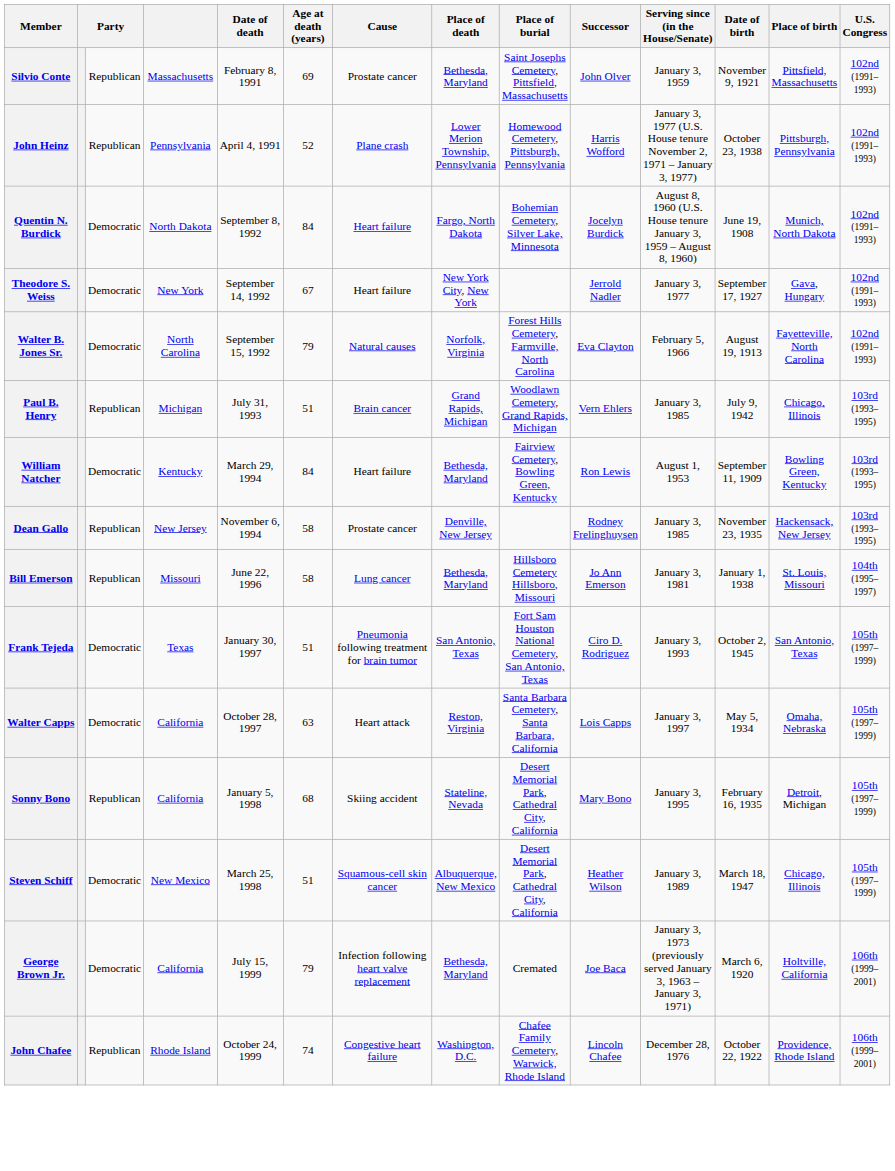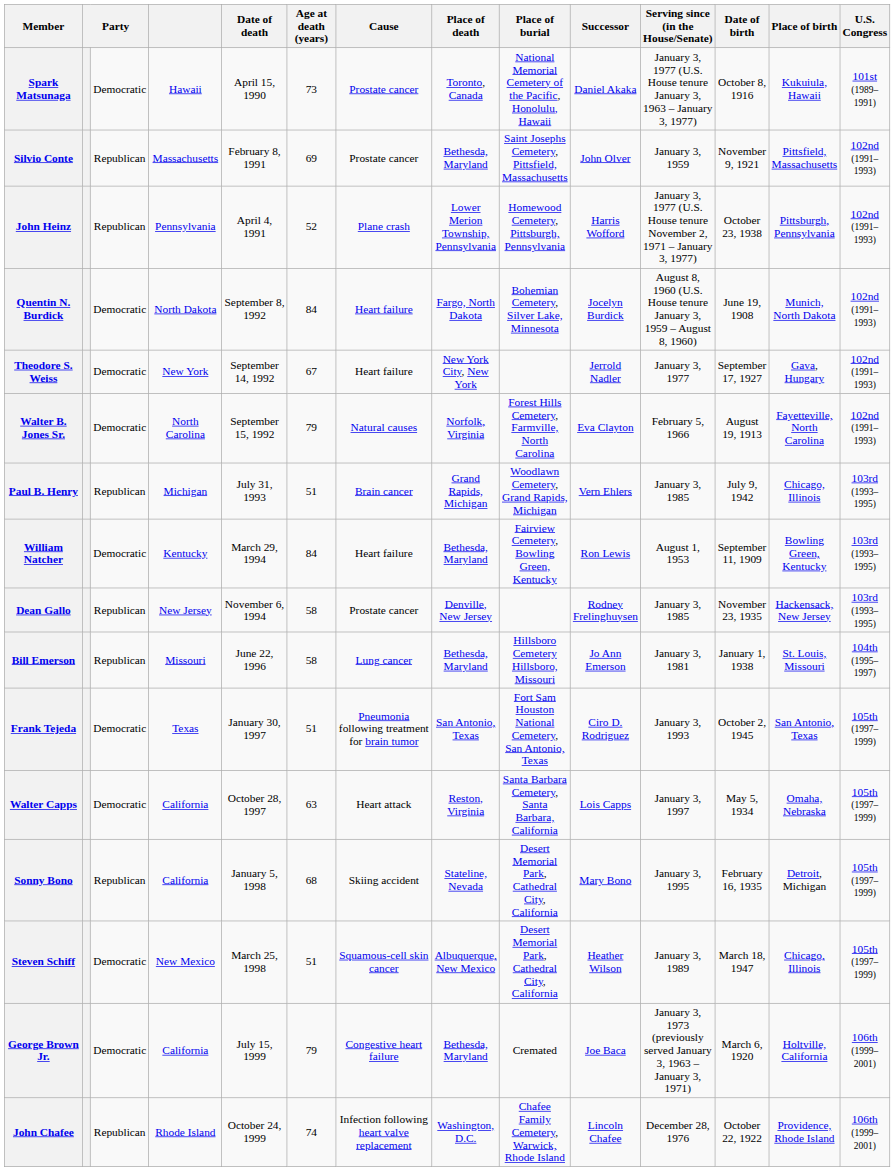 <table class="wikitable sortable" style="text-align:center">
 <tr>
 <th style="width:23%">Member</th>
 <th colspan=2>Party</th>
 <th style="width:10%"></th>
 <th style="width:16%">Date of death</th>
 <th style="width:13%">Age at death (years)</th>
 <th style="width:38%">Cause</th>
 <th style="width:38%">Place of death</th>
 <th style="width:38%">Place of burial</th>
 <th style="width:38%">Successor</th>
 <th style="width:38%">Serving since (in the House/Senate)</th>
 <th style="width:38%">Date of birth</th>
 <th style="width:38%">Place of birth</th>
 <th style="width:38%">U.S. Congress</th>
+</tr>
+<tr>
+<th><a href='#'>Spark Matsunaga</a></th>
+<th style="background:"> </th>
+<td>Democratic</td>
+<td><a href='#'>Hawaii</a><br></td>
+<td>April 15, 1990</td>
+<td>73</td>
+<td><a href='#'>Prostate cancer</a></td>
+<td><a href='#'>Toronto</a>, <a href='#'>Canada</a></td>
+<td><a href='#'>National Memorial Cemetery of the Pacific</a>, <a href='#'>Honolulu, Hawaii</a></td>
+<td><a href='#'>Daniel Akaka</a></td>
+<td>January 3, 1977 (U.S. House tenure January 3, 1963 – January 3, 1977)</td>
+<td>October 8, 1916</td>
+<td><a href='#'>Kukuiula, Hawaii</a></td>
+<td><a href='#'>101st</a><br><small>(1989–1991)</small></td>
 </tr>
 <tr>
 <th><a href='#'>Silvio Conte</a></th>
 <th style="background:"> </th>
 <td>Republican</td>
 <td><a href='#'>Massachusetts</a><br></td>
 <td>February 8, 1991</td>
 <td>69</td>
 <td>Prostate cancer</td>
 <td><a href='#'>Bethesda, Maryland</a></td>
 <td><a href='#'>Saint Josephs Cemetery</a>, <a href='#'>Pittsfield, Massachusetts</a></td>
 <td><a href='#'>John Olver</a></td>
 <td>January 3, 1959</td>
 <td>November 9, 1921</td>
 <td><a href='#'>Pittsfield, Massachusetts</a></td>
 <td><a href='#'>102nd</a><br><small>(1991–1993)</small></td>
 </tr>
 <tr>
 <th><a href='#'>John Heinz</a></th>
 <th style="background:"> </th>
 <td>Republican</td>
 <td><a href='#'>Pennsylvania</a><br></td>
 <td>April 4, 1991</td>
 <td>52</td>
 <td><a href='#'>Plane crash</a></td>
 <td><a href='#'>Lower Merion Township, Pennsylvania</a></td>
 <td><a href='#'>Homewood Cemetery</a>, <a href='#'>Pittsburgh, Pennsylvania</a></td>
 <td><a href='#'>Harris Wofford</a></td>
 <td>January 3, 1977 (U.S. House tenure November 2, 1971 – January 3, 1977)</td>
 <td>October 23, 1938</td>
 <td><a href='#'>Pittsburgh, Pennsylvania</a></td>
 <td><a href='#'>102nd</a><br><small>(1991–1993)</small></td>
 </tr>
 <tr>
 <th><a href='#'>Quentin N. Burdick</a></th>
 <th style="background:"> </th>
 <td>Democratic</td>
 <td><a href='#'>North Dakota</a><br></td>
 <td>September 8, 1992</td>
 <td>84</td>
 <td><a href='#'>Heart failure</a></td>
 <td><a href='#'>Fargo, North Dakota</a></td>
 <td><a href='#'>Bohemian Cemetery</a>, <a href='#'>Silver Lake, Minnesota</a></td>
 <td><a href='#'>Jocelyn Burdick</a></td>
 <td>August 8, 1960 (U.S. House tenure January 3, 1959 – August 8, 1960)</td>
 <td>June 19, 1908</td>
 <td><a href='#'>Munich, North Dakota</a></td>
 <td><a href='#'>102nd</a><br><small>(1991–1993)</small></td>
 </tr>
 <tr>
 <th><a href='#'>Theodore S. Weiss</a></th>
 <th style="background:"> </th>
 <td>Democratic</td>
 <td><a href='#'>New York</a><br></td>
 <td>September 14, 1992</td>
 <td>67</td>
 <td>Heart failure</td>
 <td><a href='#'>New York City</a>, <a href='#'>New York</a></td>
 <td></td>
 <td><a href='#'>Jerrold Nadler</a></td>
 <td>January 3, 1977</td>
 <td>September 17, 1927</td>
 <td><a href='#'>Gava</a>, <a href='#'>Hungary</a></td>
 <td><a href='#'>102nd</a><br><small>(1991–1993)</small></td>
 </tr>
 <tr>
 <th><a href='#'>Walter B. Jones Sr.</a></th>
 <th style="background:"> </th>
 <td>Democratic</td>
 <td><a href='#'>North Carolina</a><br></td>
 <td>September 15, 1992</td>
 <td>79</td>
 <td><a href='#'>Natural causes</a></td>
 <td><a href='#'>Norfolk, Virginia</a></td>
 <td><a href='#'>Forest Hills Cemetery</a>, <a href='#'>Farmville, North Carolina</a></td>
 <td><a href='#'>Eva Clayton</a></td>
 <td>February 5, 1966</td>
 <td>August 19, 1913</td>
 <td><a href='#'>Fayetteville, North Carolina</a></td>
 <td><a href='#'>102nd</a><br><small>(1991–1993)</small></td>
 </tr>
 <tr>
 <th><a href='#'>Paul B. Henry</a></th>
 <th style="background:"> </th>
 <td>Republican</td>
 <td><a href='#'>Michigan</a><br></td>
 <td>July 31, 1993</td>
 <td>51</td>
 <td><a href='#'>Brain cancer</a></td>
 <td><a href='#'>Grand Rapids, Michigan</a></td>
 <td><a href='#'>Woodlawn Cemetery</a>, <a href='#'>Grand Rapids, Michigan</a></td>
 <td><a href='#'>Vern Ehlers</a></td>
 <td>January 3, 1985</td>
 <td>July 9, 1942</td>
 <td><a href='#'>Chicago, Illinois</a></td>
 <td><a href='#'>103rd</a><br><small>(1993–1995)</small></td>
 </tr>
 <tr>
 <th><a href='#'>William Natcher</a></th>
 <th style="background:"> </th>
 <td>Democratic</td>
 <td><a href='#'>Kentucky</a><br></td>
 <td>March 29, 1994</td>
 <td>84</td>
 <td>Heart failure</td>
 <td><a href='#'>Bethesda, Maryland</a></td>
 <td><a href='#'>Fairview Cemetery</a>, <a href='#'>Bowling Green, Kentucky</a></td>
 <td><a href='#'>Ron Lewis</a></td>
 <td>August 1, 1953</td>
 <td>September 11, 1909</td>
 <td><a href='#'>Bowling Green, Kentucky</a></td>
 <td><a href='#'>103rd</a><br><small>(1993–1995)</small></td>
 </tr>
 <tr>
 <th><a href='#'>Dean Gallo</a></th>
 <th style="background:"> </th>
 <td>Republican</td>
 <td><a href='#'>New Jersey</a><br></td>
 <td>November 6, 1994</td>
 <td>58</td>
 <td>Prostate cancer</td>
 <td><a href='#'>Denville, New Jersey</a></td>
 <td></td>
 <td><a href='#'>Rodney Frelinghuysen</a></td>
 <td>January 3, 1985</td>
 <td>November 23, 1935</td>
 <td><a href='#'>Hackensack, New Jersey</a></td>
 <td><a href='#'>103rd</a><br><small>(1993–1995)</small></td>
 </tr>
 <tr>
 <th><a href='#'>Bill Emerson</a></th>
 <th style="background:"> </th>
 <td>Republican</td>
 <td><a href='#'>Missouri</a><br></td>
 <td>June 22, 1996</td>
 <td>58</td>
 <td><a href='#'>Lung cancer</a></td>
 <td><a href='#'>Bethesda, Maryland</a></td>
 <td><a href='#'>Hillsboro Cemetery</a> <a href='#'>Hillsboro, Missouri</a></td>
 <td><a href='#'>Jo Ann Emerson</a></td>
 <td>January 3, 1981</td>
 <td>January 1, 1938</td>
 <td><a href='#'>St. Louis, Missouri</a></td>
 <td><a href='#'>104th</a><br><small>(1995–1997)</small></td>
 </tr>
 <tr>
 <th><a href='#'>Frank Tejeda</a></th>
 <th style="background:"> </th>
 <td>Democratic</td>
 <td><a href='#'>Texas</a><br></td>
 <td>January 30, 1997</td>
 <td>51</td>
 <td><a href='#'>Pneumonia</a> following treatment for <a href='#'>brain tumor</a></td>
 <td><a href='#'>San Antonio, Texas</a></td>
 <td><a href='#'>Fort Sam Houston National Cemetery</a>, <a href='#'>San Antonio, Texas</a></td>
 <td><a href='#'>Ciro D. Rodriguez</a></td>
 <td>January 3, 1993</td>
 <td>October 2, 1945</td>
 <td><a href='#'>San Antonio, Texas</a></td>
 <td><a href='#'>105th</a><br><small>(1997–1999)</small></td>
 </tr>
 <tr>
 <th><a href='#'>Walter Capps</a></th>
 <th style="background:"> </th>
 <td>Democratic</td>
 <td><a href='#'>California</a><br></td>
 <td>October 28, 1997</td>
 <td>63</td>
 <td>Heart attack</td>
 <td><a href='#'>Reston, Virginia</a></td>
 <td><a href='#'>Santa Barbara Cemetery</a>, <a href='#'>Santa Barbara, California</a></td>
 <td><a href='#'>Lois Capps</a></td>
 <td>January 3, 1997</td>
 <td>May 5, 1934</td>
 <td><a href='#'>Omaha, Nebraska</a></td>
 <td><a href='#'>105th</a><br><small>(1997–1999)</small></td>
 </tr>
 <tr>
 <th><a href='#'>Sonny Bono</a></th>
 <th style="background:"> </th>
 <td>Republican</td>
 <td><a href='#'>California</a><br></td>
 <td>January 5, 1998</td>
 <td>68</td>
 <td>Skiing accident</td>
 <td><a href='#'>Stateline, Nevada</a></td>
 <td><a href='#'>Desert Memorial Park</a>, <a href='#'>Cathedral City</a>, <a href='#'>California</a></td>
 <td><a href='#'>Mary Bono</a></td>
 <td>January 3, 1995</td>
 <td>February 16, 1935</td>
 <td><a href='#'>Detroit</a>, Michigan</td>
 <td><a href='#'>105th</a><br><small>(1997–1999)</small></td>
 </tr>
 <tr>
 <th><a href='#'>Steven Schiff</a></th>
 <th style="background:"> </th>
 <td>Democratic</td>
 <td><a href='#'>New Mexico</a><br></td>
 <td>March 25, 1998</td>
 <td>51</td>
 <td><a href='#'>Squamous-cell skin cancer</a></td>
 <td><a href='#'>Albuquerque, New Mexico</a></td>
 <td><a href='#'>Desert Memorial Park</a>, <a href='#'>Cathedral City</a>, <a href='#'>California</a></td>
 <td><a href='#'>Heather Wilson</a></td>
 <td>January 3, 1989</td>
 <td>March 18, 1947</td>
 <td><a href='#'>Chicago, Illinois</a></td>
 <td><a href='#'>105th</a><br><small>(1997–1999)</small></td>
 </tr>
 <tr>
 <th><a href='#'>George Brown Jr.</a></th>
 <th style="background:"> </th>
 <td>Democratic</td>
 <td><a href='#'>California</a><br></td>
 <td>July 15, 1999</td>
 <td>79</td>
-<td>Infection following <a href='#'>heart valve replacement</a></td>
+<td><a href='#'>Congestive heart failure</a></td>
 <td><a href='#'>Bethesda, Maryland</a></td>
 <td>Cremated</td>
 <td><a href='#'>Joe Baca</a></td>
 <td>January 3, 1973 (previously served January 3, 1963 – January 3, 1971)</td>
 <td>March 6, 1920</td>
 <td><a href='#'>Holtville, California</a></td>
 <td><a href='#'>106th</a><br><small>(1999–2001)</small></td>
 </tr>
 <tr>
 <th><a href='#'>John Chafee</a></th>
 <th style="background:"> </th>
 <td>Republican</td>
 <td><a href='#'>Rhode Island</a><br></td>
 <td>October 24, 1999</td>
 <td>74</td>
-<td><a href='#'>Congestive heart failure</a></td>
+<td>Infection following <a href='#'>heart valve replacement</a></td>
 <td><a href='#'>Washington, D.C.</a></td>
 <td><a href='#'>Chafee Family Cemetery</a>, <a href='#'>Warwick, Rhode Island</a></td>
 <td><a href='#'>Lincoln Chafee</a></td>
 <td>December 28, 1976</td>
 <td>October 22, 1922</td>
 <td><a href='#'>Providence, Rhode Island</a></td>
 <td><a href='#'>106th</a><br><small>(1999–2001)</small></td>
 </tr>
 </table>
